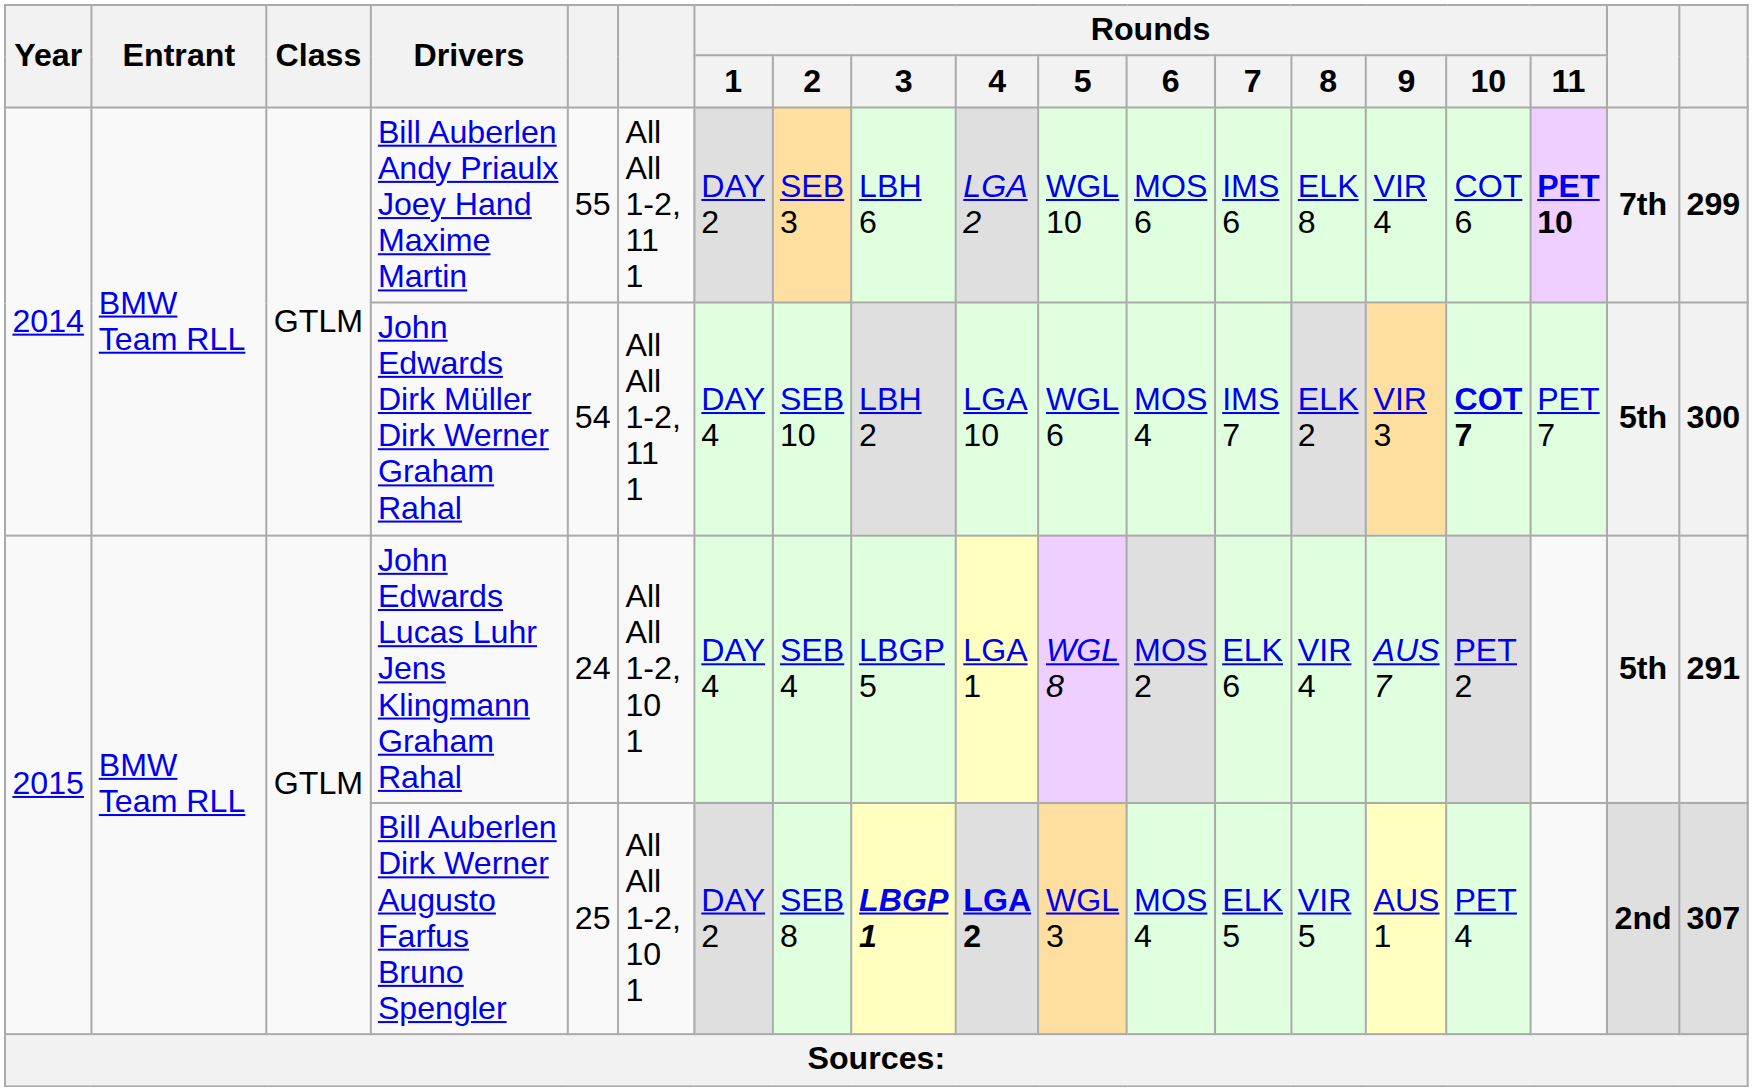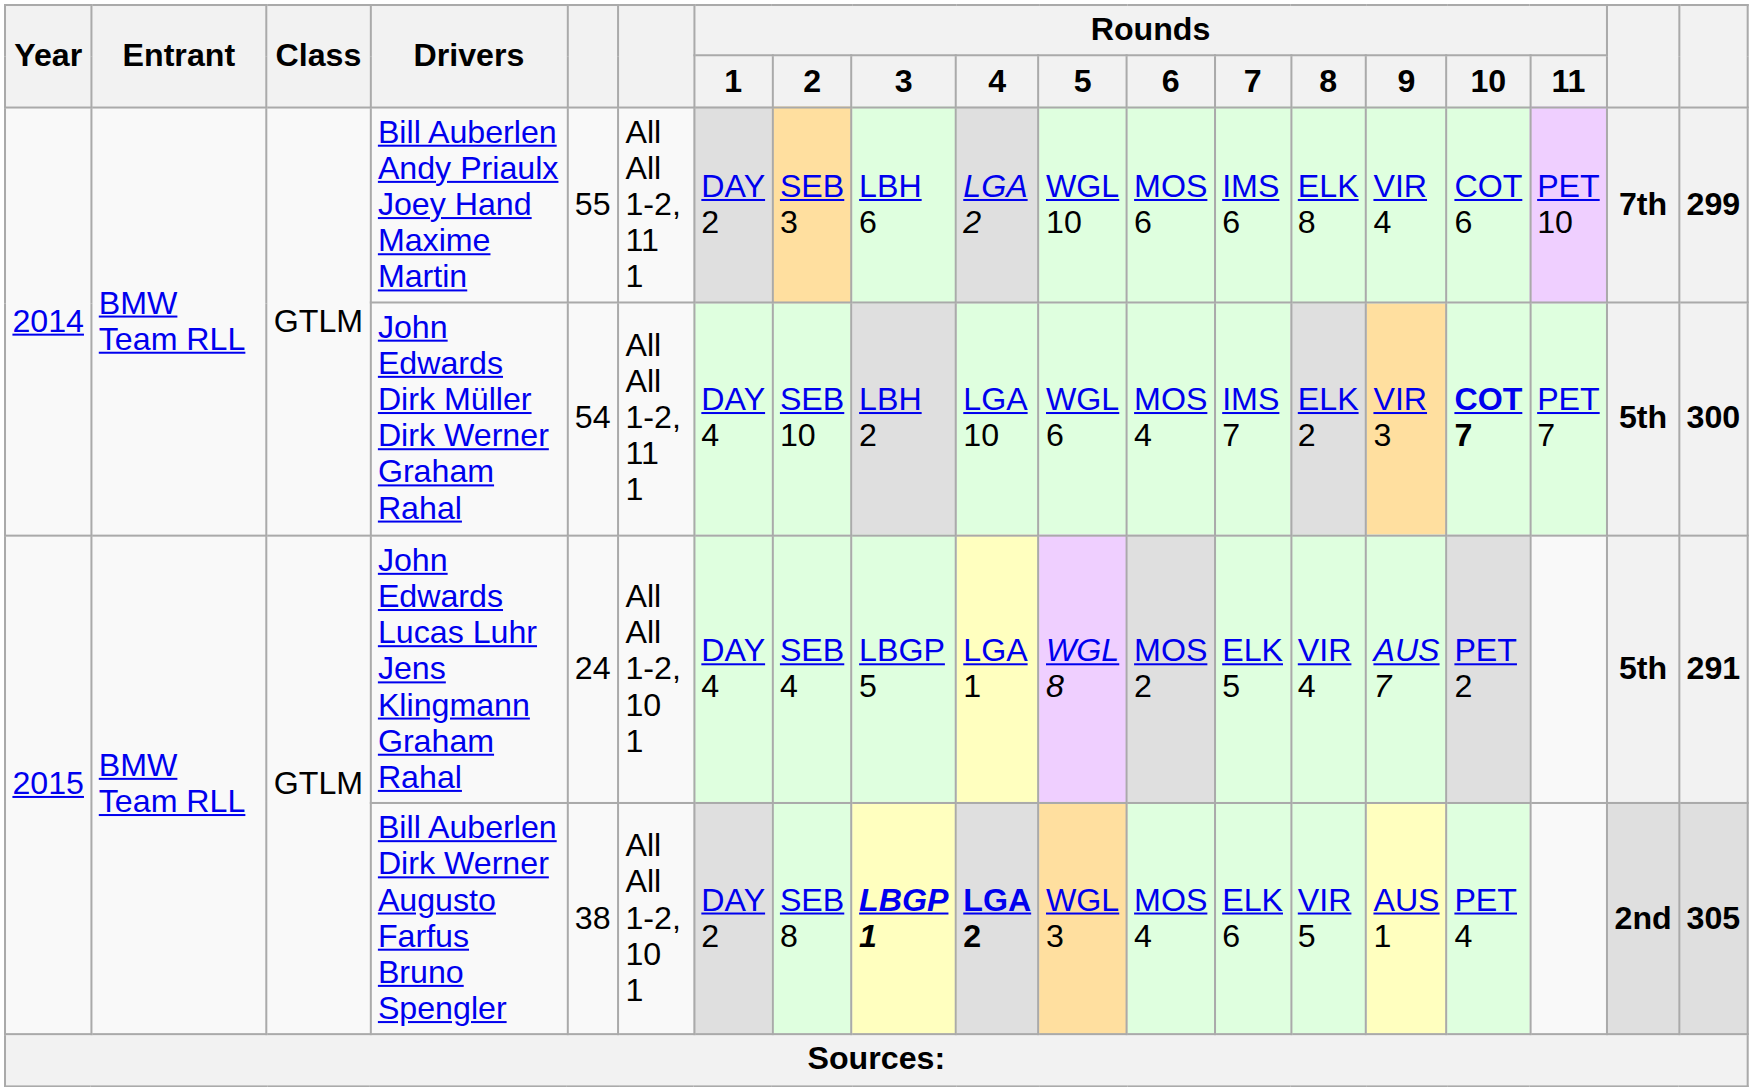 <table class="wikitable">
 <tr>
 <th rowspan="2">Year</th>
 <th rowspan="2">Entrant</th>
 <th rowspan="2">Class</th>
 <th rowspan="2">Drivers</th>
 <th rowspan="2"></th>
 <th rowspan="2"></th>
 <th colspan="11">Rounds</th>
 <th rowspan="2"></th>
 <th rowspan="2"></th>
 </tr>
 <tr>
 <th>1</th>
 <th>2</th>
 <th>3</th>
 <th>4</th>
 <th>5</th>
 <th>6</th>
 <th>7</th>
 <th>8</th>
 <th>9</th>
 <th>10</th>
 <th>11</th>
 </tr>
 <tr>
 <td rowspan="2"><a href='#'>2014</a></td>
 <td rowspan="2"> <a href='#'>BMW</a> <a href='#'>Team RLL</a></td>
 <td rowspan="2">GTLM</td>
 <td> <a href='#'>Bill Auberlen</a><br> <a href='#'>Andy Priaulx</a><br> <a href='#'>Joey Hand</a><br> <a href='#'>Maxime Martin</a></td>
 <td>55</td>
 <td>All<br>All<br>1-2, 11<br>1</td>
 <td style="background:#DFDFDF;”"><a href='#'>DAY</a><br>2</td>
 <td style="background:#FFDF9F;”"><a href='#'>SEB</a><br>3</td>
 <td style="background:#DFFFDF;"><a href='#'>LBH</a><br>6</td>
 <td style="background:#DFDFDF;”"><em><a href='#'>LGA</a><br>2</em></td>
 <td style="background:#DFFFDF;"><a href='#'>WGL</a><br>10</td>
 <td style="background:#DFFFDF;"><a href='#'>MOS</a><br>6</td>
 <td style="background:#DFFFDF;"><a href='#'>IMS</a><br>6</td>
 <td style="background:#DFFFDF;"><a href='#'>ELK</a><br>8</td>
 <td style="background:#DFFFDF;"><a href='#'>VIR</a><br>4</td>
 <td style="background:#DFFFDF;"><a href='#'>COT</a><br>6</td>
-<td style="background:#EFCFFF;"><strong><a href='#'>PET</a><br>10</strong></td>
+<td style="background:#EFCFFF;"><a href='#'>PET</a><br>10</td>
 <th>7th</th>
 <th>299</th>
 </tr>
 <tr>
 <td> <a href='#'>John Edwards</a><br> <a href='#'>Dirk Müller</a><br> <a href='#'>Dirk Werner</a><br> <a href='#'>Graham Rahal</a></td>
 <td>54</td>
 <td>All<br>All<br>1-2, 11<br>1</td>
 <td style="background:#DFFFDF;"><a href='#'>DAY</a><br>4</td>
 <td style="background:#DFFFDF;"><a href='#'>SEB</a><br>10</td>
 <td style="background:#DFDFDF;”"><a href='#'>LBH</a><br>2</td>
 <td style="background:#DFFFDF;"><a href='#'>LGA</a><br>10</td>
 <td style="background:#DFFFDF;"><a href='#'>WGL</a><br>6</td>
 <td style="background:#DFFFDF;"><a href='#'>MOS</a><br>4</td>
 <td style="background:#DFFFDF;"><a href='#'>IMS</a><br>7</td>
 <td style="background:#DFDFDF;”"><a href='#'>ELK</a><br>2</td>
 <td style="background:#FFDF9F;”"><a href='#'>VIR</a><br>3</td>
 <td style="background:#DFFFDF;"><strong><a href='#'>COT</a><br>7</strong></td>
 <td style="background:#DFFFDF;"><a href='#'>PET</a><br>7</td>
 <th>5th</th>
 <th>300</th>
 </tr>
 <tr>
 <td rowspan="2"><a href='#'>2015</a></td>
 <td rowspan="2"> <a href='#'>BMW</a> <a href='#'>Team RLL</a></td>
 <td rowspan="2">GTLM</td>
 <td> <a href='#'>John Edwards</a><br> <a href='#'>Lucas Luhr</a><br> <a href='#'>Jens Klingmann</a><br> <a href='#'>Graham Rahal</a></td>
 <td>24</td>
 <td>All<br>All<br>1-2, 10<br>1</td>
 <td style="background:#dfffdf;"><a href='#'>DAY</a><br>4</td>
 <td style="background:#dfffdf;"><a href='#'>SEB</a><br>4</td>
 <td style="background:#dfffdf;"><a href='#'>LBGP</a><br>5</td>
 <td style="background:#FFFFBF;”"><a href='#'>LGA</a><br>1</td>
 <td style="background:#EFCFFF;"><em><a href='#'>WGL</a><br>8</em></td>
 <td style="background:#dfdfdf;"><a href='#'>MOS</a><br>2</td>
-<td style="background:#dfffdf;"><a href='#'>ELK</a><br>6</td>
+<td style="background:#dfffdf;"><a href='#'>ELK</a><br>5</td>
 <td style="background:#dfffdf;"><a href='#'>VIR</a><br>4</td>
 <td style="background:#dfffdf;"><em><a href='#'>AUS</a><br>7</em></td>
 <td style="background:#dfdfdf;"><a href='#'>PET</a><br>2</td>
 <td></td>
 <th>5th</th>
 <th>291</th>
 </tr>
 <tr>
 <td> <a href='#'>Bill Auberlen</a><br> <a href='#'>Dirk Werner</a><br> <a href='#'>Augusto Farfus</a><br> <a href='#'>Bruno Spengler</a></td>
-<td>25</td>
+<td>38</td>
 <td>All<br>All<br>1-2, 10<br>1</td>
 <td style="background:#dfdfdf;"><a href='#'>DAY</a><br>2</td>
 <td style="background:#dfffdf;"><a href='#'>SEB</a><br>8</td>
 <td style="background:#ffffbf;"><strong><em><a href='#'>LBGP</a><br>1</em></strong></td>
 <td style="background:#dfdfdf;"><strong><a href='#'>LGA</a><br>2</strong></td>
 <td style="background:#ffdf9f;"><a href='#'>WGL</a><br>3</td>
 <td style="background:#dfffdf;"><a href='#'>MOS</a><br>4</td>
-<td style="background:#dfffdf;"><a href='#'>ELK</a><br>5</td>
+<td style="background:#dfffdf;"><a href='#'>ELK</a><br>6</td>
 <td style="background:#dfffdf;"><a href='#'>VIR</a><br>5</td>
 <td style="background:#ffffbf;"><a href='#'>AUS</a><br>1</td>
 <td style="background:#dfffdf;"><a href='#'>PET</a><br>4</td>
 <td></td>
 <th style="background:#dfdfdf;">2nd</th>
-<th style="background:#dfdfdf;">307</th>
+<th style="background:#dfdfdf;">305</th>
 </tr>
 <tr>
 <th colspan="19">Sources:</th>
 </tr>
 </table>
